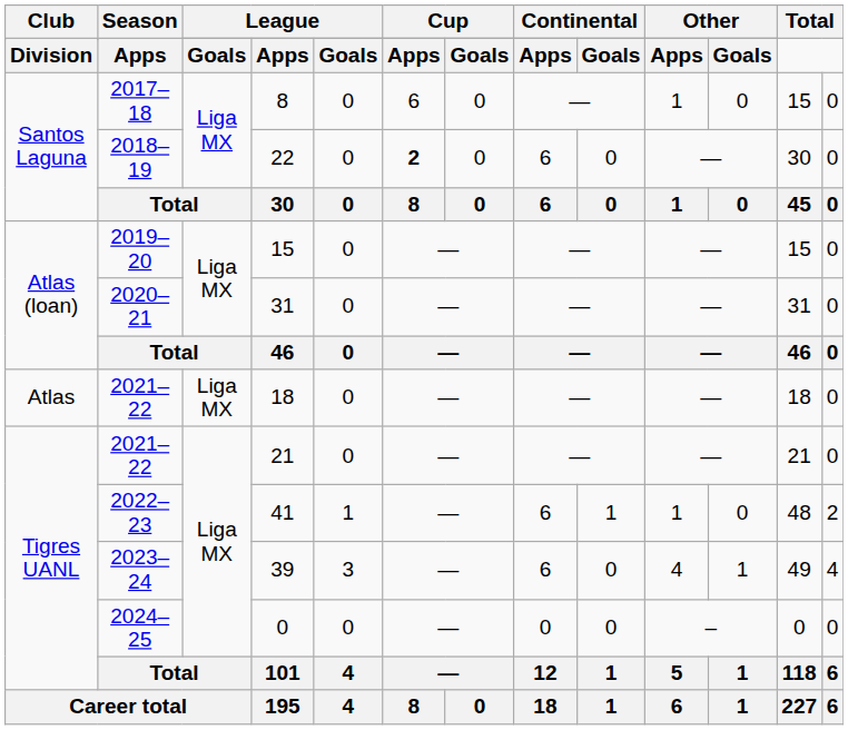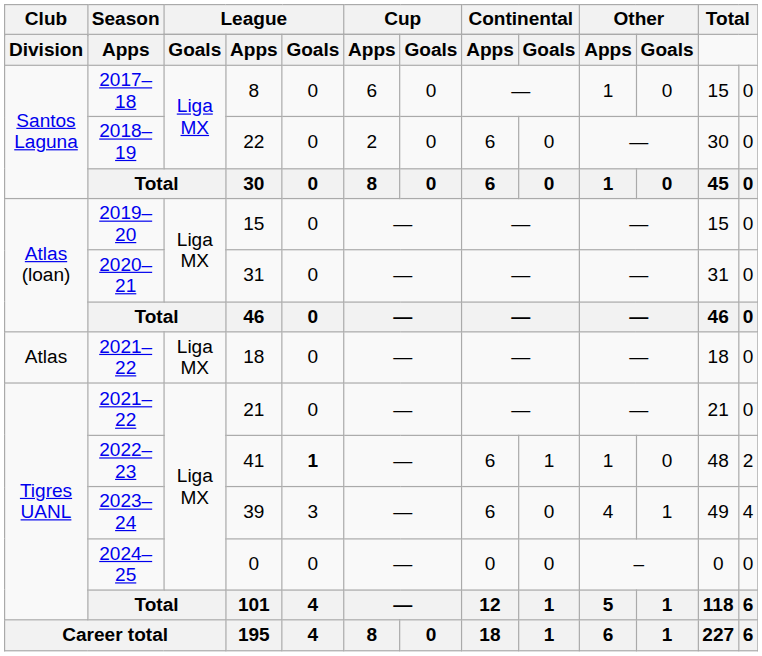 <table class=wikitable style=text-align:center>
 <tr>
 <th rowspan=2>Club</th>
 <th rowspan=2>Season</th>
 <th colspan=3>League</th>
 <th colspan=2>Cup</th>
 <th colspan=2>Continental</th>
 <th colspan=2>Other</th>
 <th colspan=2>Total</th>
 </tr>
 <tr>
 </tr>
 <tr>
 <th>Division</th>
 <th>Apps</th>
 <th>Goals</th>
 <th>Apps</th>
 <th>Goals</th>
 <th>Apps</th>
 <th>Goals</th>
 <th>Apps</th>
 <th>Goals</th>
 <th>Apps</th>
 <th>Goals</th>
 </tr>
 <tr>
 <td rowspan="3"><a href='#'>Santos Laguna</a></td>
 <td><a href='#'>2017–18</a></td>
 <td rowspan="2"><a href='#'>Liga MX</a></td>
 <td>8</td>
 <td>0</td>
 <td>6</td>
 <td>0</td>
 <td colspan="2">—</td>
 <td>1</td>
 <td>0</td>
 <td>15</td>
 <td>0</td>
 </tr>
 <tr>
 <td><a href='#'>2018–19</a></td>
 <td>22</td>
 <td>0</td>
-<td><strong>2</strong></td>
+<td>2</td>
 <td>0</td>
 <td>6</td>
 <td>0</td>
 <td colspan="2">—</td>
 <td>30</td>
 <td>0</td>
 </tr>
 <tr>
 <th colspan="2">Total</th>
 <th>30</th>
 <th>0</th>
 <th>8</th>
 <th>0</th>
 <th>6</th>
 <th>0</th>
 <th>1</th>
 <th>0</th>
 <th>45</th>
 <th>0</th>
 </tr>
 <tr>
 <td rowspan="3"><a href='#'>Atlas</a> (loan)</td>
 <td><a href='#'>2019–20</a></td>
 <td rowspan="2">Liga MX</td>
 <td>15</td>
 <td>0</td>
 <td colspan=2>—</td>
 <td colspan=2>—</td>
 <td colspan=2>—</td>
 <td>15</td>
 <td>0</td>
 </tr>
 <tr>
 <td><a href='#'>2020–21</a></td>
 <td>31</td>
 <td>0</td>
 <td colspan=2>—</td>
 <td colspan=2>—</td>
 <td colspan="2">—</td>
 <td>31</td>
 <td>0</td>
 </tr>
 <tr>
 <th colspan="2">Total</th>
 <th>46</th>
 <th>0</th>
 <th colspan="2">—</th>
 <th colspan="2">—</th>
 <th colspan="2">—</th>
 <th>46</th>
 <th>0</th>
 </tr>
 <tr>
 <td>Atlas</td>
 <td><a href='#'>2021–22</a></td>
 <td>Liga MX</td>
 <td>18</td>
 <td>0</td>
 <td colspan=2>—</td>
 <td colspan=2>—</td>
 <td colspan=2>—</td>
 <td>18</td>
 <td>0</td>
 </tr>
 <tr>
 <td rowspan="5"><a href='#'>Tigres UANL</a></td>
 <td><a href='#'>2021–22</a></td>
 <td rowspan="4">Liga MX</td>
 <td>21</td>
 <td>0</td>
 <td colspan=2>—</td>
 <td colspan=2>—</td>
 <td colspan=2>—</td>
 <td>21</td>
 <td>0</td>
 </tr>
 <tr>
 <td><a href='#'>2022–23</a></td>
 <td>41</td>
-<td>1</td>
+<td><strong>1</strong></td>
 <td colspan=2>—</td>
 <td>6</td>
 <td>1</td>
 <td>1</td>
 <td>0</td>
 <td>48</td>
 <td>2</td>
 </tr>
 <tr>
 <td><a href='#'>2023–24</a></td>
 <td>39</td>
 <td>3</td>
 <td colspan=2>—</td>
 <td>6</td>
 <td>0</td>
 <td>4</td>
 <td>1</td>
 <td>49</td>
 <td>4</td>
 </tr>
 <tr>
 <td><a href='#'>2024–25</a></td>
 <td>0</td>
 <td>0</td>
 <td colspan="2">—</td>
 <td>0</td>
 <td>0</td>
 <td colspan="2">–</td>
 <td>0</td>
 <td>0</td>
 </tr>
 <tr>
 <th colspan="2">Total</th>
 <th>101</th>
 <th>4</th>
 <th colspan="2">—</th>
 <th>12</th>
 <th>1</th>
 <th>5</th>
 <th>1</th>
 <th>118</th>
 <th>6</th>
 </tr>
 <tr>
 <th colspan="3">Career total</th>
 <th>195</th>
 <th>4</th>
 <th>8</th>
 <th>0</th>
 <th>18</th>
 <th>1</th>
 <th>6</th>
 <th>1</th>
 <th>227</th>
 <th>6</th>
 </tr>
 </table>
